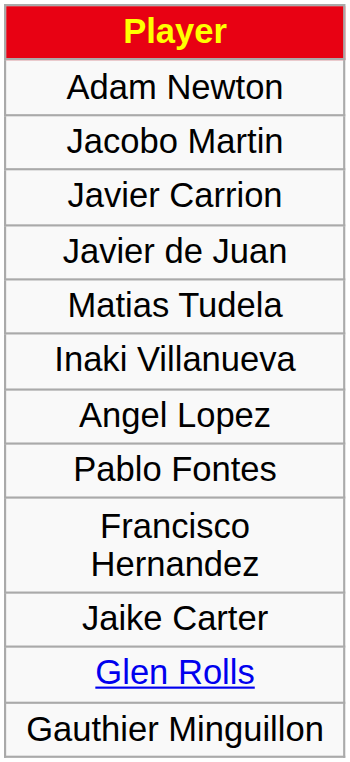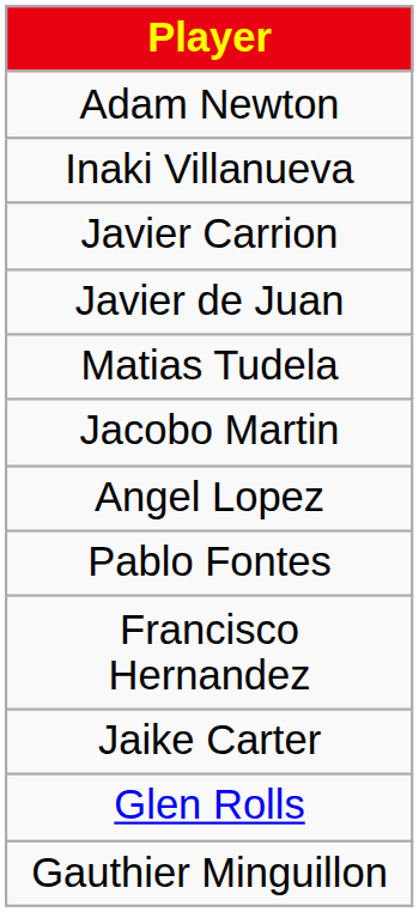 <table class="wikitable" style="text-align:center">
 <tr>
 <th style="background:#e80113; color:yellow; width:150px">Player</th>
 </tr>
 <tr>
 <td>Adam Newton</td>
 </tr>
 <tr>
-<td>Jacobo Martin</td>
+<td>Inaki Villanueva</td>
 </tr>
 <tr>
 <td>Javier Carrion</td>
 </tr>
 <tr>
 <td>Javier de Juan</td>
 </tr>
 <tr>
 <td>Matias Tudela</td>
 </tr>
 <tr>
-<td>Inaki Villanueva</td>
+<td>Jacobo Martin</td>
 </tr>
 <tr>
 <td>Angel Lopez</td>
 </tr>
 <tr>
 <td>Pablo Fontes</td>
 </tr>
 <tr>
 <td>Francisco Hernandez</td>
 </tr>
 <tr>
 <td>Jaike Carter</td>
 </tr>
 <tr>
 <td><a href='#'>Glen Rolls</a></td>
 </tr>
 <tr>
 <td>Gauthier Minguillon</td>
 </tr>
 </table>
